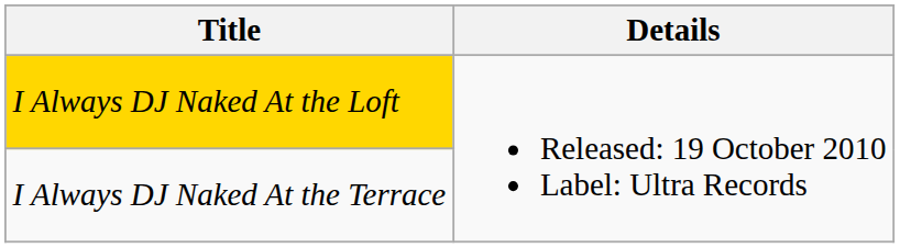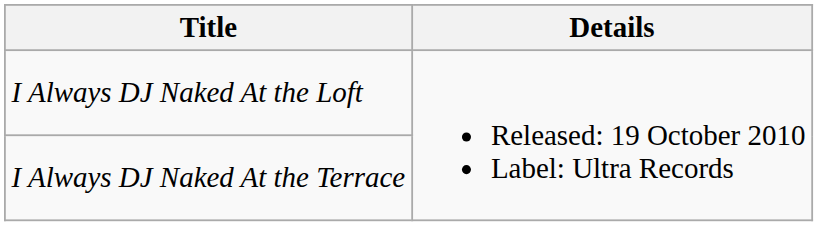 <table class="wikitable">
 <tr>
 <th>Title</th>
 <th>Details</th>
 </tr>
 <tr>
-<td style="background: gold;"><em>I Always DJ Naked At the Loft</em></td>
+<td><em>I Always DJ Naked At the Loft</em></td>
 <td rowspan="2"><br><ul><li>Released: 19 October 2010</li><li>Label: Ultra Records</li></ul></td>
 </tr>
 <tr>
 <td><em>I Always DJ Naked At the Terrace</em></td>
 </tr>
 </table>
